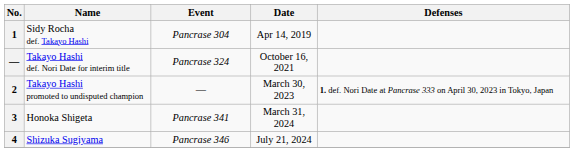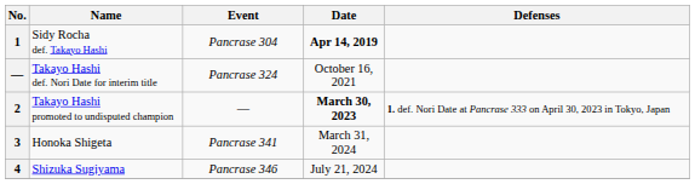 <table class="wikitable" width=100%>
 <tr>
 <th width=1%>No.</th>
 <th width=23%>Name</th>
 <th width=18%>Event</th>
 <th width=12%>Date</th>
 <th width=46%>Defenses</th>
 </tr>
 <tr>
 <th>1</th>
 <td align=left> Sidy Rocha<br><small>def. <a href='#'>Takayo Hashi</a></small></td>
 <td align=center><em>Pancrase 304</em><br></td>
-<td align=center>Apr 14, 2019</td>
+<td align=center><strong>Apr 14, 2019</strong></td>
 <td></td>
 </tr>
 <tr>
 <th>—</th>
 <td align=left> <a href='#'>Takayo Hashi</a> <br><small>def. Nori Date for interim title</small></td>
 <td align=center><em>Pancrase 324</em><br></td>
 <td align=center>October 16, 2021</td>
 <td></td>
 </tr>
 <tr>
 <th>2</th>
 <td align=left> <a href='#'>Takayo Hashi</a> <br><small>promoted to undisputed champion</small></td>
 <td align=center>—</td>
-<td align=center>March 30, 2023</td>
+<td align=center><strong>March 30, 2023</strong></td>
 <td><small> <strong>1.</strong> def. Nori Date at <em>Pancrase 333</em> on April 30, 2023 in Tokyo, Japan</small></td>
 </tr>
 <tr>
 <th>3</th>
 <td align=left> Honoka Shigeta</td>
 <td align=center><em>Pancrase 341</em><br></td>
 <td align=center>March 31, 2024</td>
 <td></td>
 </tr>
 <tr>
 <th>4</th>
 <td align=left> <a href='#'>Shizuka Sugiyama</a></td>
 <td align=center><em>Pancrase 346</em><br></td>
 <td align=center>July 21, 2024</td>
 <td></td>
 </tr>
 <tr>
 </tr>
 </table>
